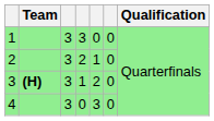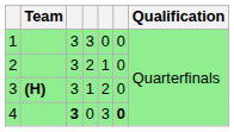 <table class="wikitable">
 <tr>
 <th></th>
 <th>Team</th>
 <th></th>
 <th></th>
 <th></th>
 <th></th>
 <th>Qualification</th>
 </tr>
 <tr bgcolor=lightgreen>
 <td>1</td>
 <td></td>
 <td>3</td>
 <td>3</td>
 <td>0</td>
 <td>0</td>
 <td rowspan=4>Quarterfinals</td>
 </tr>
 <tr bgcolor=lightgreen>
 <td>2</td>
 <td></td>
 <td>3</td>
 <td>2</td>
 <td>1</td>
 <td>0</td>
 </tr>
 <tr bgcolor=lightgreen>
 <td>3</td>
 <td> <strong>(H)</strong></td>
 <td>3</td>
 <td>1</td>
 <td>2</td>
 <td>0</td>
 </tr>
 <tr bgcolor=lightgreen>
 <td>4</td>
 <td></td>
-<td>3</td>
+<td><strong>3</strong></td>
 <td>0</td>
 <td>3</td>
-<td>0</td>
+<td><strong>0</strong></td>
 </tr>
 </table>
